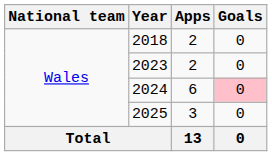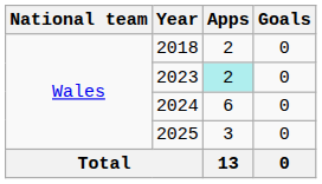 <table class="wikitable" style="text-align:center">
 <tr>
 <th>National team</th>
 <th>Year</th>
 <th>Apps</th>
 <th>Goals</th>
 </tr>
 <tr>
 <td rowspan="4"><a href='#'>Wales</a></td>
 <td>2018</td>
 <td>2</td>
 <td>0</td>
 </tr>
 <tr>
 <td>2023</td>
-<td>2</td>
+<td style="background: paleturquoise;">2</td>
 <td>0</td>
 </tr>
 <tr>
 <td>2024</td>
 <td>6</td>
-<td style="background: pink;">0</td>
+<td>0</td>
 </tr>
 <tr>
 <td>2025</td>
 <td>3</td>
 <td>0</td>
 </tr>
 <tr>
 <th colspan="2">Total</th>
 <th>13</th>
 <th>0</th>
 </tr>
 </table>
